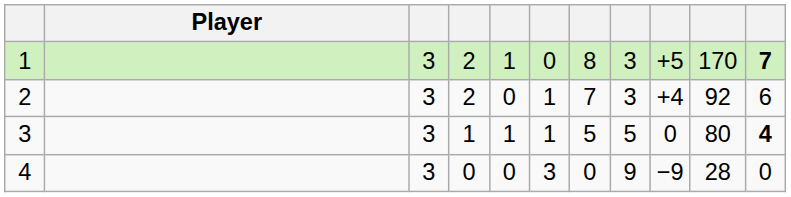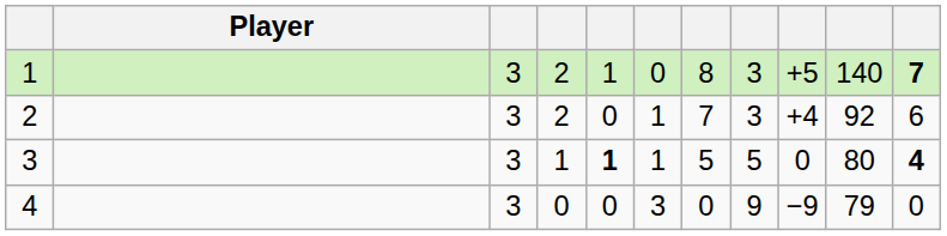 <table class="wikitable" style="text-align:center; margin: 1em auto 1em auto, align:left">
 <tr>
 <th width=20></th>
 <th width=240>Player</th>
 <th width=20></th>
 <th width=20></th>
 <th width=20></th>
 <th width=20></th>
 <th width=20></th>
 <th width=20></th>
 <th width=20></th>
 <th width=30></th>
 <th width=20></th>
 </tr>
 <tr style="background:#D0F0C0;">
 <td>1</td>
 <td align=left></td>
 <td>3</td>
 <td>2</td>
 <td>1</td>
 <td>0</td>
 <td>8</td>
 <td>3</td>
 <td>+5</td>
-<td>170</td>
+<td>140</td>
 <td><strong>7</strong></td>
 </tr>
 <tr style=>
 <td>2</td>
 <td align=left></td>
 <td>3</td>
 <td>2</td>
 <td>0</td>
 <td>1</td>
 <td>7</td>
 <td>3</td>
 <td>+4</td>
 <td>92</td>
 <td>6</td>
 </tr>
 <tr style=>
 <td>3</td>
 <td align=left></td>
 <td>3</td>
 <td>1</td>
-<td>1</td>
+<td><strong>1</strong></td>
 <td>1</td>
 <td>5</td>
 <td>5</td>
 <td>0</td>
 <td>80</td>
 <td><strong>4</strong></td>
 </tr>
 <tr style=>
 <td>4</td>
 <td align=left></td>
 <td>3</td>
 <td>0</td>
 <td>0</td>
 <td>3</td>
 <td>0</td>
 <td>9</td>
 <td>−9</td>
-<td>28</td>
+<td>79</td>
 <td>0</td>
 </tr>
 </table>
